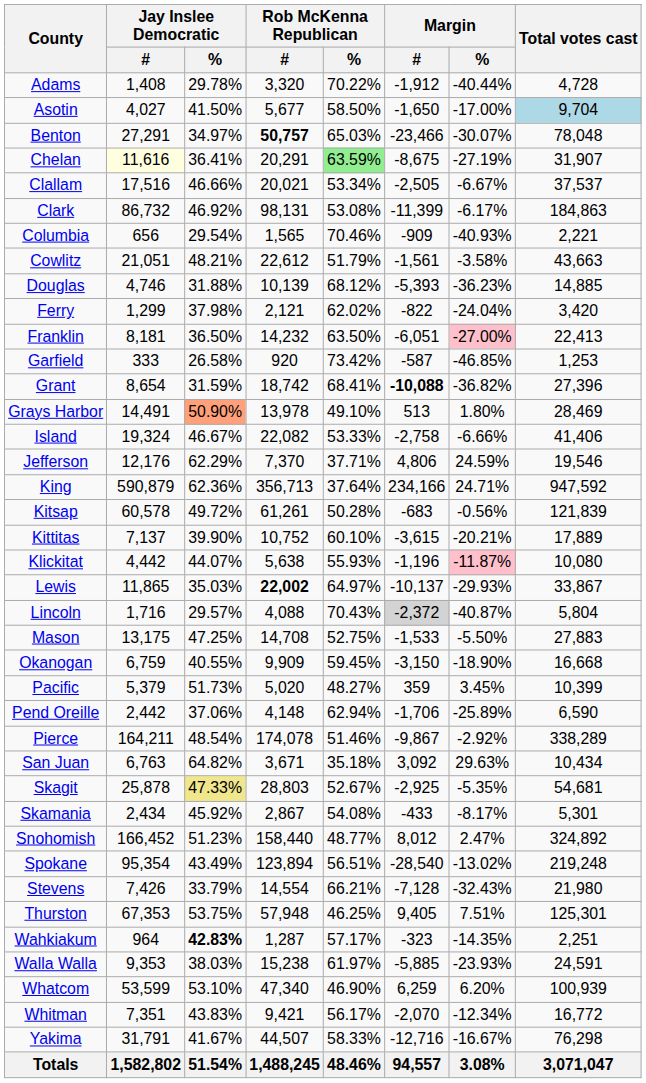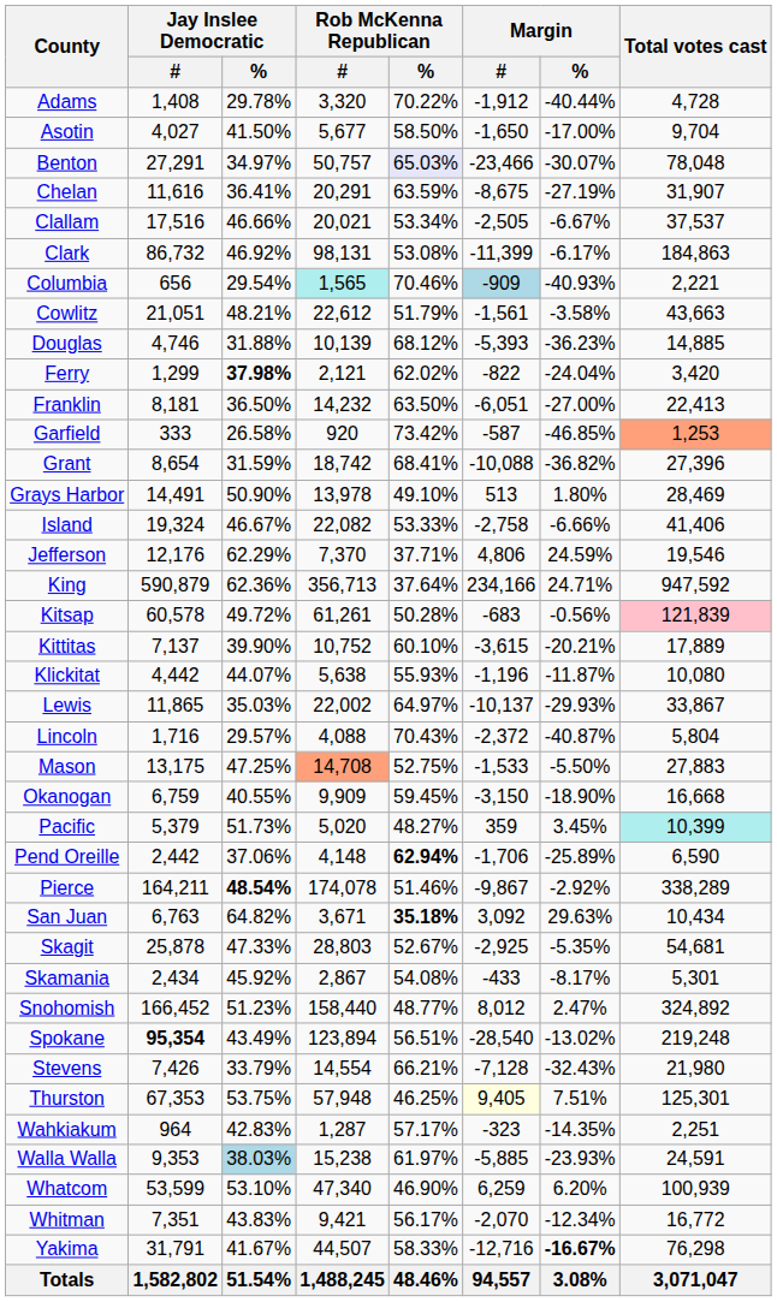 <table class="wikitable sortable">
 <tr>
 <th style="text-align:center;" rowspan="2">County</th>
 <th style="text-align:center;" colspan="2">Jay Inslee<br>Democratic</th>
 <th style="text-align:center;" colspan="2">Rob McKenna<br>Republican</th>
 <th style="text-align:center;" colspan="2">Margin</th>
 <th style="text-align:center;" rowspan="2">Total votes cast</th>
 </tr>
 <tr bgcolor="lightgrey">
 <th style="text-align:center;" data-sort-type="number">#</th>
 <th style="text-align:center;" data-sort-type="number">%</th>
 <th style="text-align:center;" data-sort-type="number">#</th>
 <th style="text-align:center;" data-sort-type="number">%</th>
 <th style="text-align:center;" data-sort-type="number">#</th>
 <th style="text-align:center;" data-sort-type="number">%</th>
 </tr>
 <tr style="text-align:center;">
 <td><a href='#'>Adams</a></td>
 <td>1,408</td>
 <td>29.78%</td>
 <td>3,320</td>
 <td>70.22%</td>
 <td>-1,912</td>
 <td>-40.44%</td>
 <td>4,728</td>
 </tr>
 <tr style="text-align:center;">
 <td><a href='#'>Asotin</a></td>
 <td>4,027</td>
 <td>41.50%</td>
 <td>5,677</td>
 <td>58.50%</td>
 <td>-1,650</td>
 <td>-17.00%</td>
-<td style="background: lightblue;">9,704</td>
+<td>9,704</td>
 </tr>
 <tr style="text-align:center;">
 <td><a href='#'>Benton</a></td>
 <td>27,291</td>
 <td>34.97%</td>
-<td><strong>50,757</strong></td>
-<td>65.03%</td>
+<td>50,757</td>
+<td style="background: lavender;">65.03%</td>
 <td>-23,466</td>
 <td>-30.07%</td>
 <td>78,048</td>
 </tr>
 <tr style="text-align:center;">
 <td><a href='#'>Chelan</a></td>
-<td style="background: lightyellow;">11,616</td>
+<td>11,616</td>
 <td>36.41%</td>
 <td>20,291</td>
-<td style="background: lightgreen;">63.59%</td>
+<td>63.59%</td>
 <td>-8,675</td>
 <td>-27.19%</td>
 <td>31,907</td>
 </tr>
 <tr style="text-align:center;">
 <td><a href='#'>Clallam</a></td>
 <td>17,516</td>
 <td>46.66%</td>
 <td>20,021</td>
 <td>53.34%</td>
 <td>-2,505</td>
 <td>-6.67%</td>
 <td>37,537</td>
 </tr>
 <tr style="text-align:center;">
 <td><a href='#'>Clark</a></td>
 <td>86,732</td>
 <td>46.92%</td>
 <td>98,131</td>
 <td>53.08%</td>
 <td>-11,399</td>
 <td>-6.17%</td>
 <td>184,863</td>
 </tr>
 <tr style="text-align:center;">
 <td><a href='#'>Columbia</a></td>
 <td>656</td>
 <td>29.54%</td>
-<td>1,565</td>
+<td style="background: paleturquoise;">1,565</td>
 <td>70.46%</td>
-<td>-909</td>
+<td style="background: lightblue;">-909</td>
 <td>-40.93%</td>
 <td>2,221</td>
 </tr>
 <tr style="text-align:center;">
 <td><a href='#'>Cowlitz</a></td>
 <td>21,051</td>
 <td>48.21%</td>
 <td>22,612</td>
 <td>51.79%</td>
 <td>-1,561</td>
 <td>-3.58%</td>
 <td>43,663</td>
 </tr>
 <tr style="text-align:center;">
 <td><a href='#'>Douglas</a></td>
 <td>4,746</td>
 <td>31.88%</td>
 <td>10,139</td>
 <td>68.12%</td>
 <td>-5,393</td>
 <td>-36.23%</td>
 <td>14,885</td>
 </tr>
 <tr style="text-align:center;">
 <td><a href='#'>Ferry</a></td>
 <td>1,299</td>
-<td>37.98%</td>
+<td><strong>37.98%</strong></td>
 <td>2,121</td>
 <td>62.02%</td>
 <td>-822</td>
 <td>-24.04%</td>
 <td>3,420</td>
 </tr>
 <tr style="text-align:center;">
 <td><a href='#'>Franklin</a></td>
 <td>8,181</td>
 <td>36.50%</td>
 <td>14,232</td>
 <td>63.50%</td>
 <td>-6,051</td>
-<td style="background: pink;">-27.00%</td>
+<td>-27.00%</td>
 <td>22,413</td>
 </tr>
 <tr style="text-align:center;">
 <td><a href='#'>Garfield</a></td>
 <td>333</td>
 <td>26.58%</td>
 <td>920</td>
 <td>73.42%</td>
 <td>-587</td>
 <td>-46.85%</td>
-<td>1,253</td>
+<td style="background: lightsalmon;">1,253</td>
 </tr>
 <tr style="text-align:center;">
 <td><a href='#'>Grant</a></td>
 <td>8,654</td>
 <td>31.59%</td>
 <td>18,742</td>
 <td>68.41%</td>
-<td><strong>-10,088</strong></td>
+<td>-10,088</td>
 <td>-36.82%</td>
 <td>27,396</td>
 </tr>
 <tr style="text-align:center;">
 <td><a href='#'>Grays Harbor</a></td>
 <td>14,491</td>
-<td style="background: lightsalmon;">50.90%</td>
+<td>50.90%</td>
 <td>13,978</td>
 <td>49.10%</td>
 <td>513</td>
 <td>1.80%</td>
 <td>28,469</td>
 </tr>
 <tr style="text-align:center;">
 <td><a href='#'>Island</a></td>
 <td>19,324</td>
 <td>46.67%</td>
 <td>22,082</td>
 <td>53.33%</td>
 <td>-2,758</td>
 <td>-6.66%</td>
 <td>41,406</td>
 </tr>
 <tr style="text-align:center;">
 <td><a href='#'>Jefferson</a></td>
 <td>12,176</td>
 <td>62.29%</td>
 <td>7,370</td>
 <td>37.71%</td>
 <td>4,806</td>
 <td>24.59%</td>
 <td>19,546</td>
 </tr>
 <tr style="text-align:center;">
 <td><a href='#'>King</a></td>
 <td>590,879</td>
 <td>62.36%</td>
 <td>356,713</td>
 <td>37.64%</td>
 <td>234,166</td>
 <td>24.71%</td>
 <td>947,592</td>
 </tr>
 <tr style="text-align:center;">
 <td><a href='#'>Kitsap</a></td>
 <td>60,578</td>
 <td>49.72%</td>
 <td>61,261</td>
 <td>50.28%</td>
 <td>-683</td>
 <td>-0.56%</td>
-<td>121,839</td>
+<td style="background: pink;">121,839</td>
 </tr>
 <tr style="text-align:center;">
 <td><a href='#'>Kittitas</a></td>
 <td>7,137</td>
 <td>39.90%</td>
 <td>10,752</td>
 <td>60.10%</td>
 <td>-3,615</td>
 <td>-20.21%</td>
 <td>17,889</td>
 </tr>
 <tr style="text-align:center;">
 <td><a href='#'>Klickitat</a></td>
 <td>4,442</td>
 <td>44.07%</td>
 <td>5,638</td>
 <td>55.93%</td>
 <td>-1,196</td>
-<td style="background: pink;">-11.87%</td>
+<td>-11.87%</td>
 <td>10,080</td>
 </tr>
 <tr style="text-align:center;">
 <td><a href='#'>Lewis</a></td>
 <td>11,865</td>
 <td>35.03%</td>
-<td><strong>22,002</strong></td>
+<td>22,002</td>
 <td>64.97%</td>
 <td>-10,137</td>
 <td>-29.93%</td>
 <td>33,867</td>
 </tr>
 <tr style="text-align:center;">
 <td><a href='#'>Lincoln</a></td>
 <td>1,716</td>
 <td>29.57%</td>
 <td>4,088</td>
 <td>70.43%</td>
-<td style="background: lightgrey;">-2,372</td>
+<td>-2,372</td>
 <td>-40.87%</td>
 <td>5,804</td>
 </tr>
 <tr style="text-align:center;">
 <td><a href='#'>Mason</a></td>
 <td>13,175</td>
 <td>47.25%</td>
-<td>14,708</td>
+<td style="background: lightsalmon;">14,708</td>
 <td>52.75%</td>
 <td>-1,533</td>
 <td>-5.50%</td>
 <td>27,883</td>
 </tr>
 <tr style="text-align:center;">
 <td><a href='#'>Okanogan</a></td>
 <td>6,759</td>
 <td>40.55%</td>
 <td>9,909</td>
 <td>59.45%</td>
 <td>-3,150</td>
 <td>-18.90%</td>
 <td>16,668</td>
 </tr>
 <tr style="text-align:center;">
 <td><a href='#'>Pacific</a></td>
 <td>5,379</td>
 <td>51.73%</td>
 <td>5,020</td>
 <td>48.27%</td>
 <td>359</td>
 <td>3.45%</td>
-<td>10,399</td>
+<td style="background: paleturquoise;">10,399</td>
 </tr>
 <tr style="text-align:center;">
 <td><a href='#'>Pend Oreille</a></td>
 <td>2,442</td>
 <td>37.06%</td>
 <td>4,148</td>
-<td>62.94%</td>
+<td><strong>62.94%</strong></td>
 <td>-1,706</td>
 <td>-25.89%</td>
 <td>6,590</td>
 </tr>
 <tr style="text-align:center;">
 <td><a href='#'>Pierce</a></td>
 <td>164,211</td>
-<td>48.54%</td>
+<td><strong>48.54%</strong></td>
 <td>174,078</td>
 <td>51.46%</td>
 <td>-9,867</td>
 <td>-2.92%</td>
 <td>338,289</td>
 </tr>
 <tr style="text-align:center;">
 <td><a href='#'>San Juan</a></td>
 <td>6,763</td>
 <td>64.82%</td>
 <td>3,671</td>
-<td>35.18%</td>
+<td><strong>35.18%</strong></td>
 <td>3,092</td>
 <td>29.63%</td>
 <td>10,434</td>
 </tr>
 <tr style="text-align:center;">
 <td><a href='#'>Skagit</a></td>
 <td>25,878</td>
-<td style="background: khaki;">47.33%</td>
+<td>47.33%</td>
 <td>28,803</td>
 <td>52.67%</td>
 <td>-2,925</td>
 <td>-5.35%</td>
 <td>54,681</td>
 </tr>
 <tr style="text-align:center;">
 <td><a href='#'>Skamania</a></td>
 <td>2,434</td>
 <td>45.92%</td>
 <td>2,867</td>
 <td>54.08%</td>
 <td>-433</td>
 <td>-8.17%</td>
 <td>5,301</td>
 </tr>
 <tr style="text-align:center;">
 <td><a href='#'>Snohomish</a></td>
 <td>166,452</td>
 <td>51.23%</td>
 <td>158,440</td>
 <td>48.77%</td>
 <td>8,012</td>
 <td>2.47%</td>
 <td>324,892</td>
 </tr>
 <tr style="text-align:center;">
 <td><a href='#'>Spokane</a></td>
-<td>95,354</td>
+<td><strong>95,354</strong></td>
 <td>43.49%</td>
 <td>123,894</td>
 <td>56.51%</td>
 <td>-28,540</td>
 <td>-13.02%</td>
 <td>219,248</td>
 </tr>
 <tr style="text-align:center;">
 <td><a href='#'>Stevens</a></td>
 <td>7,426</td>
 <td>33.79%</td>
 <td>14,554</td>
 <td>66.21%</td>
 <td>-7,128</td>
 <td>-32.43%</td>
 <td>21,980</td>
 </tr>
 <tr style="text-align:center;">
 <td><a href='#'>Thurston</a></td>
 <td>67,353</td>
 <td>53.75%</td>
 <td>57,948</td>
 <td>46.25%</td>
-<td>9,405</td>
+<td style="background: lightyellow;">9,405</td>
 <td>7.51%</td>
 <td>125,301</td>
 </tr>
 <tr style="text-align:center;">
 <td><a href='#'>Wahkiakum</a></td>
 <td>964</td>
-<td><strong>42.83%</strong></td>
+<td>42.83%</td>
 <td>1,287</td>
 <td>57.17%</td>
 <td>-323</td>
 <td>-14.35%</td>
 <td>2,251</td>
 </tr>
 <tr style="text-align:center;">
 <td><a href='#'>Walla Walla</a></td>
 <td>9,353</td>
-<td>38.03%</td>
+<td style="background: lightblue;">38.03%</td>
 <td>15,238</td>
 <td>61.97%</td>
 <td>-5,885</td>
 <td>-23.93%</td>
 <td>24,591</td>
 </tr>
 <tr style="text-align:center;">
 <td><a href='#'>Whatcom</a></td>
 <td>53,599</td>
 <td>53.10%</td>
 <td>47,340</td>
 <td>46.90%</td>
 <td>6,259</td>
 <td>6.20%</td>
 <td>100,939</td>
 </tr>
 <tr style="text-align:center;">
 <td><a href='#'>Whitman</a></td>
 <td>7,351</td>
 <td>43.83%</td>
 <td>9,421</td>
 <td>56.17%</td>
 <td>-2,070</td>
 <td>-12.34%</td>
 <td>16,772</td>
 </tr>
 <tr style="text-align:center;">
 <td><a href='#'>Yakima</a></td>
 <td>31,791</td>
 <td>41.67%</td>
 <td>44,507</td>
 <td>58.33%</td>
 <td>-12,716</td>
-<td>-16.67%</td>
+<td><strong>-16.67%</strong></td>
 <td>76,298</td>
 </tr>
 <tr>
 <th>Totals</th>
 <th>1,582,802</th>
 <th>51.54%</th>
 <th>1,488,245</th>
 <th>48.46%</th>
 <th>94,557</th>
 <th>3.08%</th>
 <th>3,071,047</th>
 </tr>
 </table>
